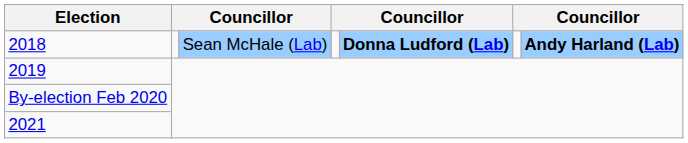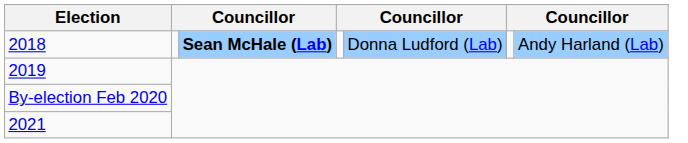 <table class="wikitable">
 <tr>
 <th>Election</th>
 <th colspan="2">Councillor</th>
 <th colspan="2">Councillor</th>
 <th colspan="2">Councillor</th>
 </tr>
 <tr>
 <td><a href='#'>2018</a></td>
 <td style="background-color: "></td>
-<td bgcolor="#99CCFF">Sean McHale (<a href='#'>Lab</a>)</td>
+<td bgcolor="#99CCFF"><strong>Sean McHale (<a href='#'>Lab</a>)</strong></td>
 <td style="background-color: "></td>
-<td bgcolor="#99CCFF"><strong>Donna Ludford (<a href='#'>Lab</a>)</strong></td>
+<td bgcolor="#99CCFF">Donna Ludford (<a href='#'>Lab</a>)</td>
 <td style="background-color: "></td>
-<td bgcolor="#99CCFF"><strong>Andy Harland (<a href='#'>Lab</a>)</strong></td>
+<td bgcolor="#99CCFF">Andy Harland (<a href='#'>Lab</a>)</td>
 </tr>
 <tr>
 <td><a href='#'>2019</a><br>  </td>
 </tr>
 <tr>
 <td><a href='#'>By-election Feb 2020</a><br>  </td>
 </tr>
 <tr>
 <td><a href='#'>2021</a><br>  </td>
 </tr>
 </table>
